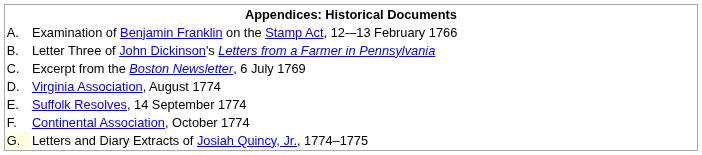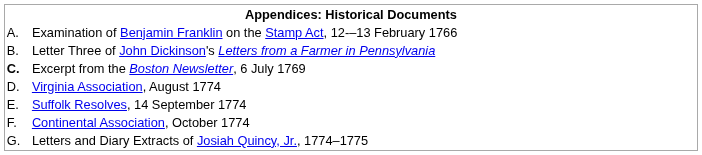 <table width=35%; style="float: right; border: 1px solid darkgray; margin: .46em; font-size: 80%;" border="0" cellpadding="1" cellspacing="1">
 <tr valign="top">
 <td colspan="3" align="center"><strong>Appendices: Historical Documents</strong></td>
 </tr>
 <tr valign="top">
 <td>A.</td>
 <td colspan="2" align="left">Examination of <a href='#'>Benjamin Franklin</a> on the <a href='#'>Stamp Act</a>, 12-–13 February 1766</td>
 </tr>
 <tr valign="top">
 <td>B.</td>
 <td colspan="2" align="left">Letter Three of <a href='#'>John Dickinson</a>'s <em><a href='#'>Letters from a Farmer in Pennsylvania</a></em></td>
 </tr>
 <tr valign="top">
-<td>C.</td>
+<td><strong>C.</strong></td>
 <td colspan="2" align="left">Excerpt from the <em><a href='#'>Boston Newsletter</a></em>, 6 July 1769</td>
 </tr>
 <tr valign="top">
 <td>D.</td>
 <td colspan="2" align="left"><a href='#'>Virginia Association</a>, August 1774</td>
 </tr>
 <tr valign="top">
 <td>E.</td>
 <td colspan="2" align="left"><a href='#'>Suffolk Resolves</a>, 14 September 1774</td>
 </tr>
 <tr valign="top">
 <td>F.</td>
 <td colspan="2" align="left"><a href='#'>Continental Association</a>, October 1774</td>
 </tr>
 <tr valign="top">
-<td style="background: lightyellow;">G.</td>
+<td>G.</td>
 <td colspan="2" align="left">Letters and Diary Extracts of <a href='#'>Josiah Quincy, Jr.</a>, 1774–1775</td>
 </tr>
 </table>
